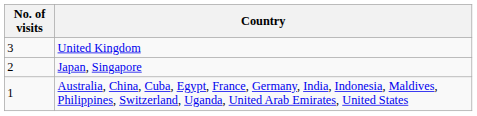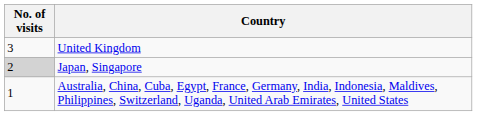 <table class=wikitable>
 <tr>
 <th>No. of visits</th>
 <th>Country</th>
 </tr>
 <tr>
 <td>3</td>
 <td><a href='#'>United Kingdom</a></td>
 </tr>
 <tr>
-<td>2</td>
+<td style="background: lightgrey;">2</td>
 <td><a href='#'>Japan</a>, <a href='#'>Singapore</a></td>
 </tr>
 <tr>
 <td>1</td>
 <td><a href='#'>Australia</a>, <a href='#'>China</a>, <a href='#'>Cuba</a>, <a href='#'>Egypt</a>, <a href='#'>France</a>, <a href='#'>Germany</a>, <a href='#'>India</a>, <a href='#'>Indonesia</a>, <a href='#'>Maldives</a>, <a href='#'>Philippines</a>, <a href='#'>Switzerland</a>, <a href='#'>Uganda</a>, <a href='#'>United Arab Emirates</a>, <a href='#'>United States</a></td>
 </tr>
 </table>
